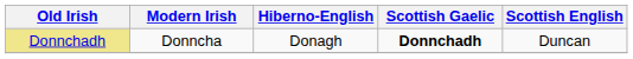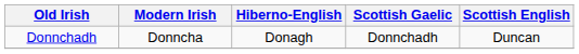 <table class="wikitable" style="text-align:right">
 <tr>
 <th width=20%><a href='#'>Old Irish</a></th>
 <th width=20%><a href='#'>Modern Irish</a></th>
 <th width=20%><a href='#'>Hiberno-English</a></th>
 <th width=20%><a href='#'>Scottish Gaelic</a></th>
 <th width=20%><a href='#'>Scottish English</a></th>
 </tr>
 <tr>
-<td align="center" style="background: khaki;"><a href='#'>Donnchadh</a></td>
+<td align="center"><a href='#'>Donnchadh</a></td>
 <td align="center">Donncha</td>
 <td align="center">Donagh</td>
-<td align="center"><strong>Donnchadh</strong></td>
+<td align="center">Donnchadh</td>
 <td align="center">Duncan</td>
 </tr>
 <tr>
 </tr>
 </table>
